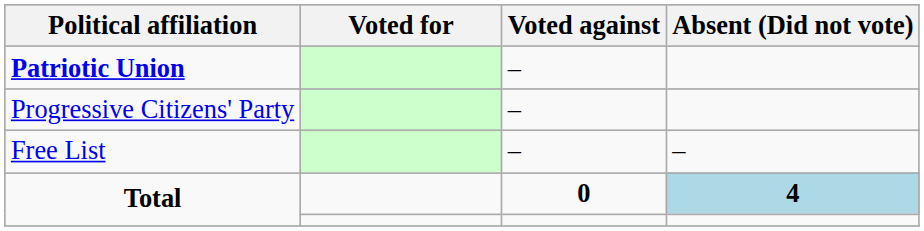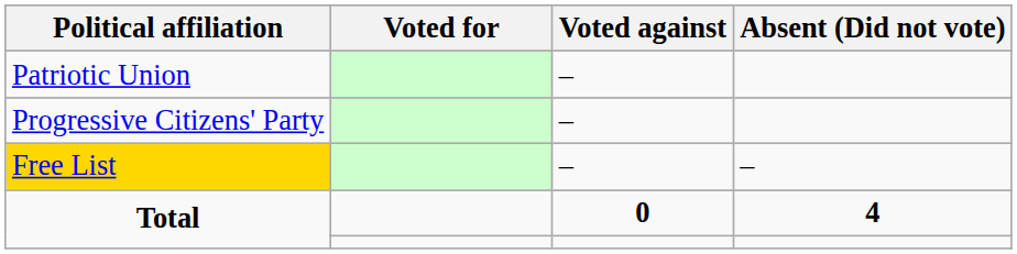 <table class="wikitable">
 <tr>
 <th>Political affiliation</th>
 <th style="width:22%;">Voted for</th>
 <th>Voted against</th>
 <th>Absent (Did not vote)</th>
 </tr>
 <tr>
-<td><strong> <a href='#'>Patriotic Union</a></strong></td>
+<td> <a href='#'>Patriotic Union</a></td>
 <td style="background-color:#CCFFCC;"></td>
 <td>–</td>
 <td></td>
 </tr>
 <tr>
 <td> <a href='#'>Progressive Citizens' Party</a></td>
 <td style="background-color:#CCFFCC;"></td>
 <td>–</td>
 <td></td>
 </tr>
 <tr>
-<td> <a href='#'>Free List</a></td>
+<td style="background: gold;"> <a href='#'>Free List</a></td>
 <td style="background-color:#CCFFCC;"></td>
 <td>–</td>
 <td>–</td>
 </tr>
 <tr>
 <td style="text-align:center;" rowspan="2"><strong>Total</strong></td>
 <td></td>
 <td style="text-align:center;"><strong>0</strong></td>
-<td style="background: lightblue; text-align:center;"><strong>4</strong></td>
+<td style="text-align:center;"><strong>4</strong></td>
 </tr>
 <tr>
 <td style="text-align:center;"></td>
 <td style="text-align:center;"></td>
 <td style="text-align:center;"></td>
 </tr>
 </table>
